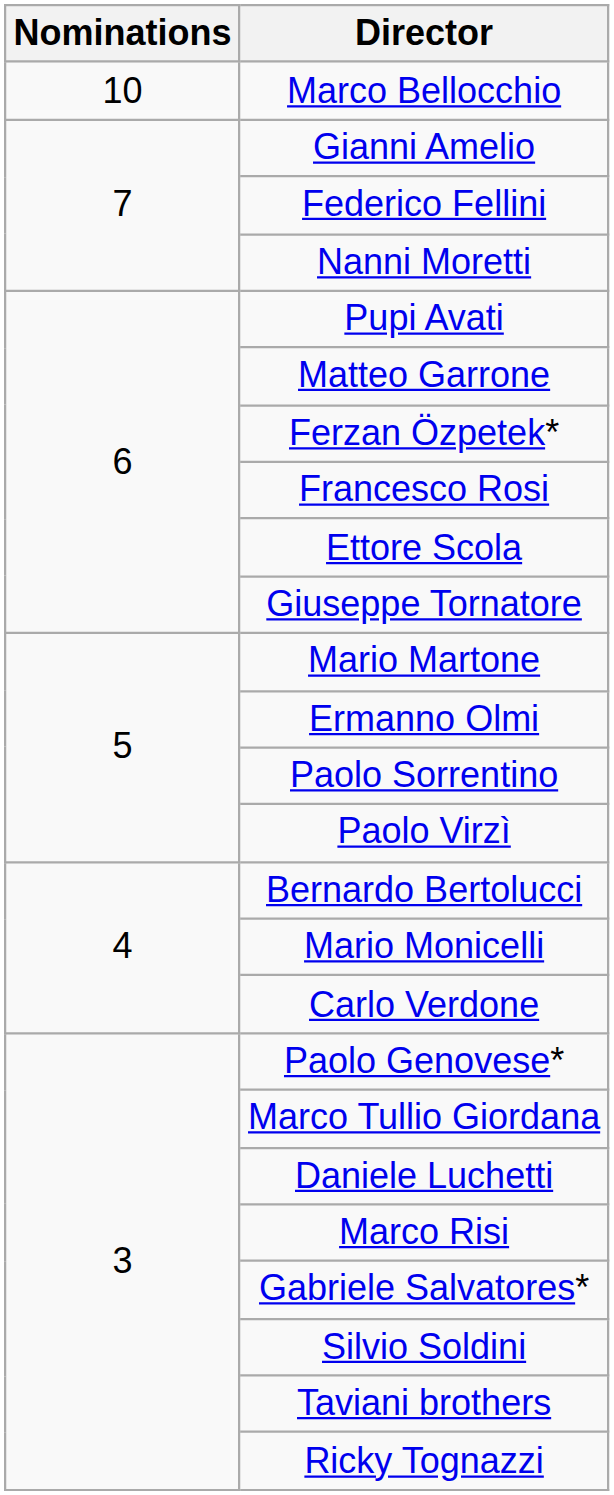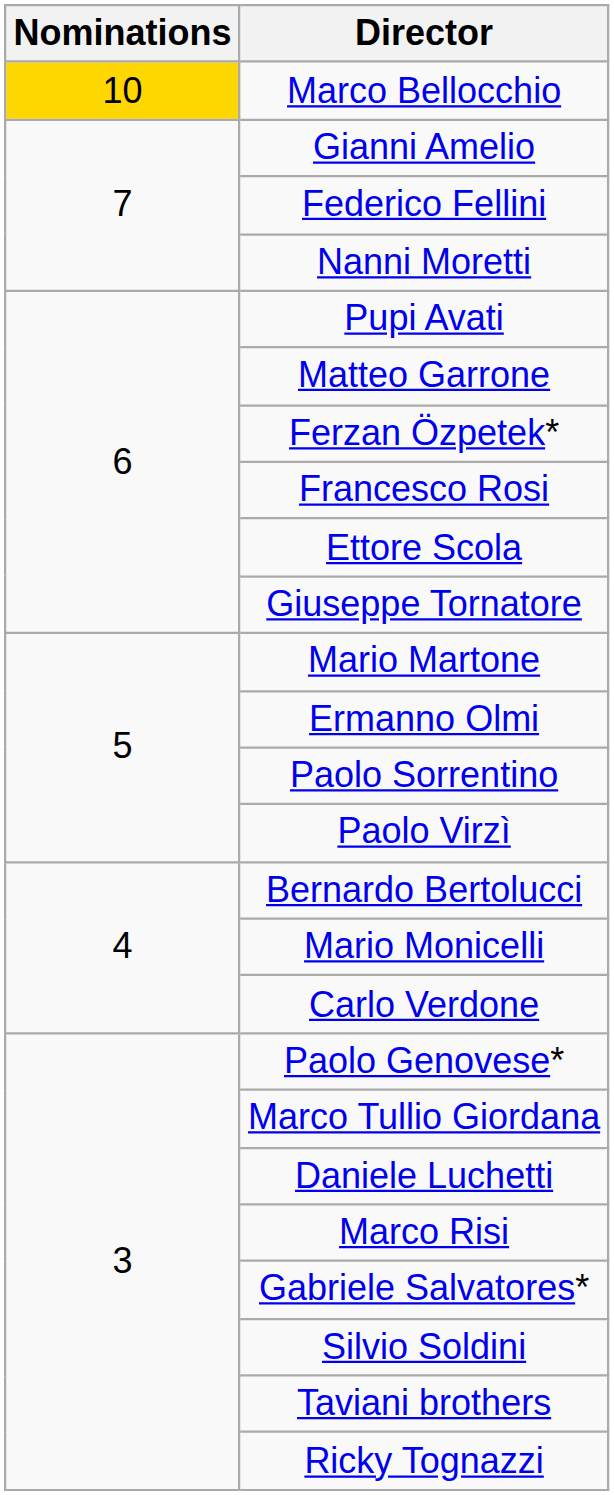 <table class="wikitable" style="text-align: center;">
 <tr>
 <th scope="col" width="24">Nominations</th>
 <th scope="col" align="center">Director</th>
 </tr>
 <tr>
-<td rowspan="1" style="text-align:center;">10</td>
+<td rowspan="1" style="background: gold; text-align:center;">10</td>
 <td><a href='#'>Marco Bellocchio</a></td>
 </tr>
 <tr>
 <td rowspan="3" style="text-align:center;">7</td>
 <td><a href='#'>Gianni Amelio</a></td>
 </tr>
 <tr>
 <td><a href='#'>Federico Fellini</a></td>
 </tr>
 <tr>
 <td><a href='#'>Nanni Moretti</a></td>
 </tr>
 <tr>
 <td rowspan="6" style="text-align:center;">6</td>
 <td><a href='#'>Pupi Avati</a></td>
 </tr>
 <tr>
 <td><a href='#'>Matteo Garrone</a></td>
 </tr>
 <tr>
 <td><a href='#'>Ferzan Özpetek</a>*</td>
 </tr>
 <tr>
 <td><a href='#'>Francesco Rosi</a></td>
 </tr>
 <tr>
 <td><a href='#'>Ettore Scola</a></td>
 </tr>
 <tr>
 <td><a href='#'>Giuseppe Tornatore</a></td>
 </tr>
 <tr>
 <td rowspan="4" style="text-align:center;">5</td>
 <td><a href='#'>Mario Martone</a></td>
 </tr>
 <tr>
 <td><a href='#'>Ermanno Olmi</a></td>
 </tr>
 <tr>
 <td><a href='#'>Paolo Sorrentino</a></td>
 </tr>
 <tr>
 <td><a href='#'>Paolo Virzì</a></td>
 </tr>
 <tr>
 <td rowspan="3" style="text-align:center;">4</td>
 <td><a href='#'>Bernardo Bertolucci</a></td>
 </tr>
 <tr>
 <td><a href='#'>Mario Monicelli</a></td>
 </tr>
 <tr>
 <td><a href='#'>Carlo Verdone</a></td>
 </tr>
 <tr>
 <td rowspan="8" style="text-align:center;">3</td>
 <td><a href='#'>Paolo Genovese</a>*</td>
 </tr>
 <tr>
 <td><a href='#'>Marco Tullio Giordana</a></td>
 </tr>
 <tr>
 <td><a href='#'>Daniele Luchetti</a></td>
 </tr>
 <tr>
 <td><a href='#'>Marco Risi</a></td>
 </tr>
 <tr>
 <td><a href='#'>Gabriele Salvatores</a>*</td>
 </tr>
 <tr>
 <td><a href='#'>Silvio Soldini</a></td>
 </tr>
 <tr>
 <td><a href='#'>Taviani brothers</a></td>
 </tr>
 <tr>
 <td><a href='#'>Ricky Tognazzi</a></td>
 </tr>
 </table>
